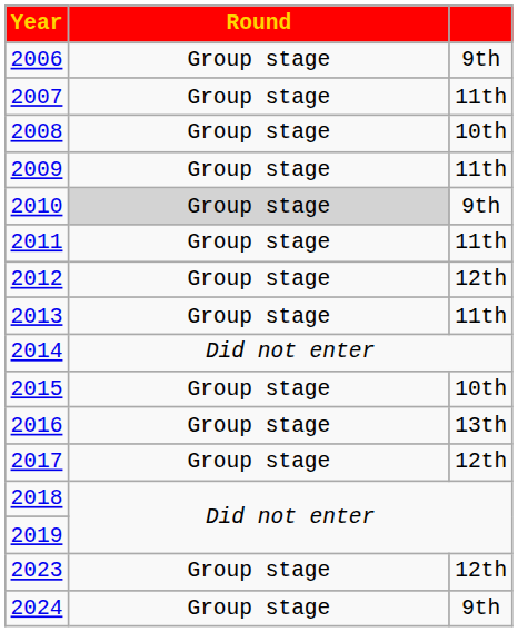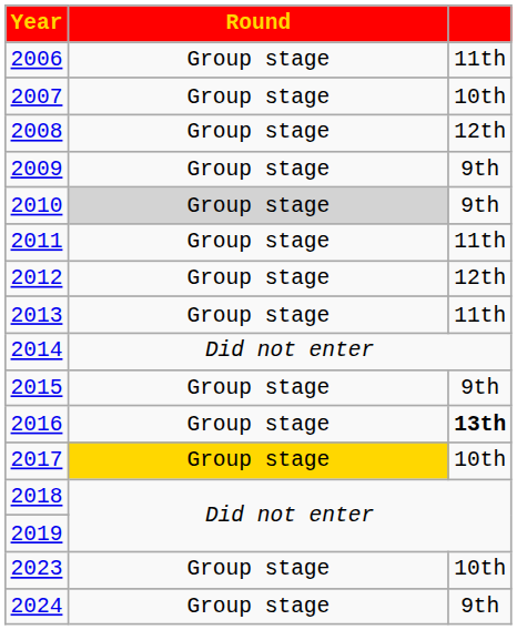 <table class="wikitable" style="text-align: center; font-size:90%">
 <tr style="color:gold;">
 <th style="background:#FF0000;">Year</th>
 <th style="background:#FF0000; width:200px">Round</th>
 <th style="background:#FF0000;"></th>
 </tr>
 <tr>
 <td><a href='#'>2006</a></td>
 <td>Group stage</td>
-<td>9th</td>
+<td>11th</td>
 </tr>
 <tr>
 <td><a href='#'>2007</a></td>
 <td>Group stage</td>
-<td>11th</td>
+<td>10th</td>
 </tr>
 <tr>
 <td><a href='#'>2008</a></td>
 <td>Group stage</td>
-<td>10th</td>
+<td>12th</td>
 </tr>
 <tr>
 <td><a href='#'>2009</a></td>
 <td>Group stage</td>
-<td>11th</td>
+<td>9th</td>
 </tr>
 <tr>
 <td><a href='#'>2010</a></td>
 <td style="background: lightgrey;">Group stage</td>
 <td>9th</td>
 </tr>
 <tr>
 <td><a href='#'>2011</a></td>
 <td>Group stage</td>
 <td>11th</td>
 </tr>
 <tr>
 <td><a href='#'>2012</a></td>
 <td>Group stage</td>
 <td>12th</td>
 </tr>
 <tr>
 <td><a href='#'>2013</a></td>
 <td>Group stage</td>
 <td>11th</td>
 </tr>
 <tr>
 <td><a href='#'>2014</a></td>
 <td colspan="2"><em>Did not enter</em></td>
 </tr>
 <tr>
 <td><a href='#'>2015</a></td>
 <td>Group stage</td>
-<td>10th</td>
+<td>9th</td>
 </tr>
 <tr>
 <td><a href='#'>2016</a></td>
 <td>Group stage</td>
-<td>13th</td>
+<td><strong>13th</strong></td>
 </tr>
 <tr>
 <td><a href='#'>2017</a></td>
-<td>Group stage</td>
-<td>12th</td>
+<td style="background: gold;">Group stage</td>
+<td>10th</td>
 </tr>
 <tr>
 <td><a href='#'>2018</a></td>
 <td colspan="2" rowspan="2"><em>Did not enter</em></td>
 </tr>
 <tr>
 <td><a href='#'>2019</a></td>
 </tr>
 <tr>
 <td><a href='#'>2023</a></td>
 <td>Group stage</td>
-<td>12th</td>
+<td>10th</td>
 </tr>
 <tr>
 <td><a href='#'>2024</a></td>
 <td>Group stage</td>
 <td>9th</td>
 </tr>
 </table>
